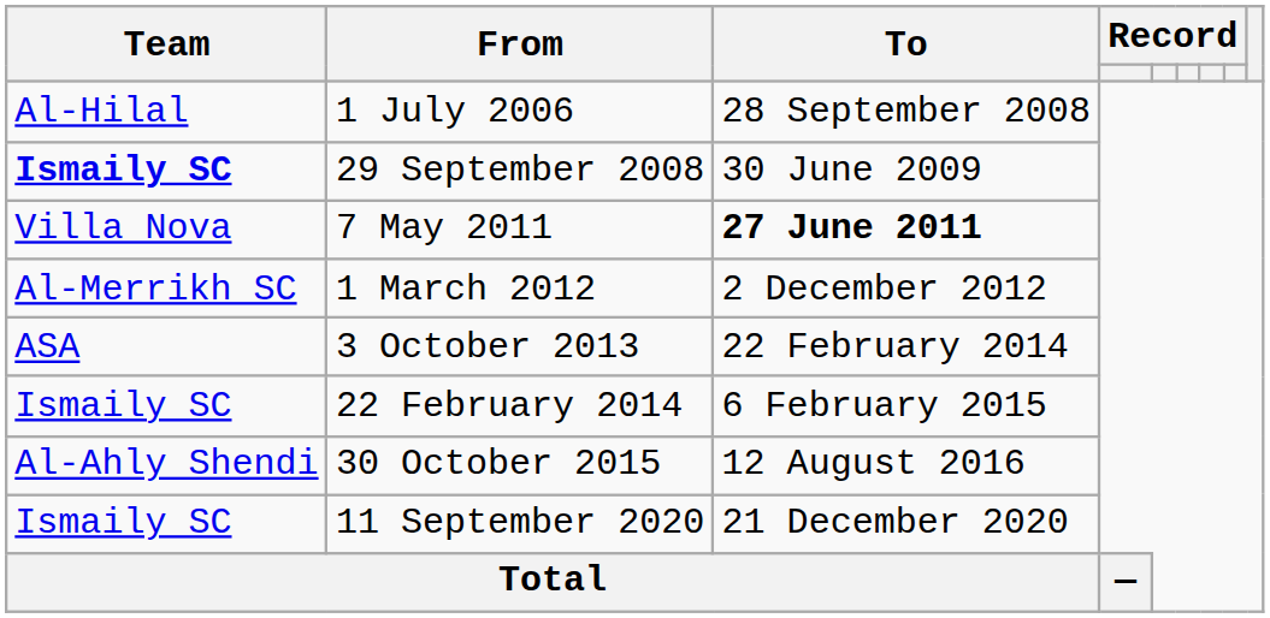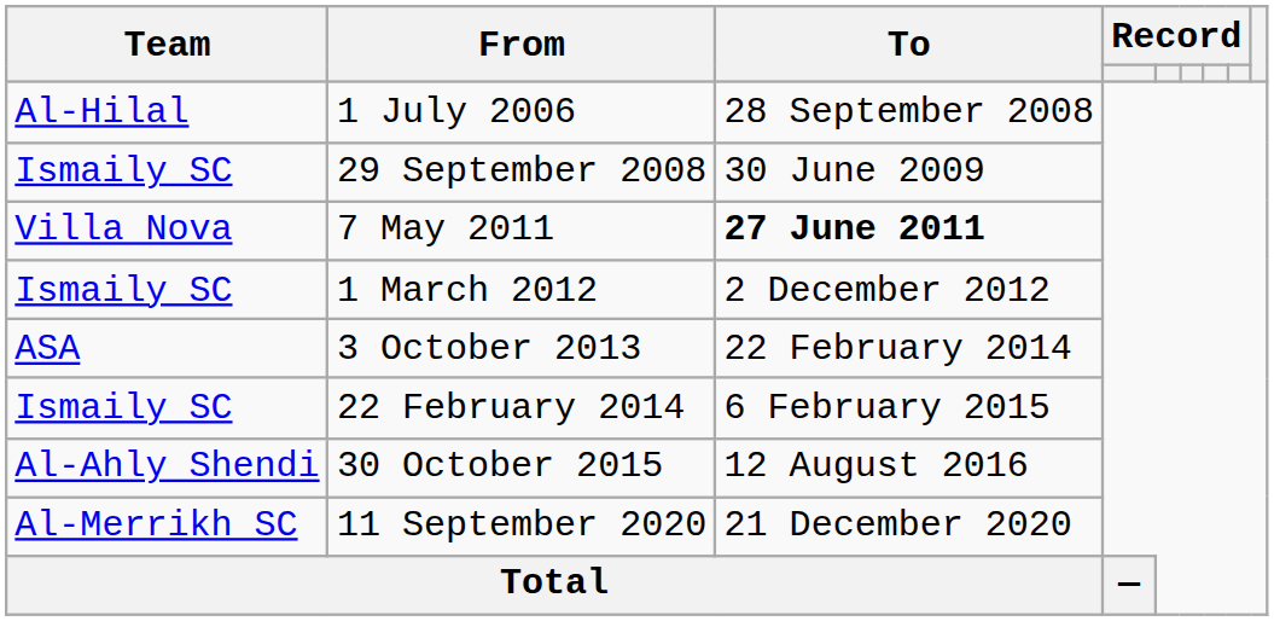 <table class=wikitable style=text-align:center>
 <tr>
 <th rowspan=2>Team</th>
 <th rowspan=2>From</th>
 <th rowspan=2>To</th>
 <th colspan=5>Record</th>
 <th rowspan=2></th>
 </tr>
 <tr>
 <th></th>
 <th></th>
 <th></th>
 <th></th>
 <th></th>
 </tr>
 <tr>
 <td align=left><a href='#'>Al-Hilal</a></td>
 <td align=left>1 July 2006</td>
 <td align=left>28 September 2008<br></td>
 </tr>
 <tr>
-<td align=left><strong><a href='#'>Ismaily SC</a></strong></td>
+<td align=left><a href='#'>Ismaily SC</a></td>
 <td align=left>29 September 2008</td>
 <td align=left>30 June 2009<br></td>
 </tr>
 <tr>
 <td align=left><a href='#'>Villa Nova</a></td>
 <td align=left>7 May 2011</td>
 <td align=left><strong>27 June 2011<br></strong></td>
 </tr>
 <tr>
-<td align=left><a href='#'>Al-Merrikh SC</a></td>
+<td align=left><a href='#'>Ismaily SC</a></td>
 <td align=left>1 March 2012</td>
 <td align=left>2 December 2012<br></td>
 </tr>
 <tr>
 <td align=left><a href='#'>ASA</a></td>
 <td align=left>3 October 2013</td>
 <td align=left>22 February 2014<br></td>
 </tr>
 <tr>
 <td align=left><a href='#'>Ismaily SC</a></td>
 <td align=left>22 February 2014</td>
 <td align=left>6 February 2015<br></td>
 </tr>
 <tr>
 <td align=left><a href='#'>Al-Ahly Shendi</a></td>
 <td align=left>30 October 2015</td>
 <td align=left>12 August 2016<br></td>
 </tr>
 <tr>
-<td align=left><a href='#'>Ismaily SC</a></td>
+<td align=left><a href='#'>Al-Merrikh SC</a></td>
 <td align=left>11 September 2020</td>
 <td align=left>21 December 2020<br></td>
 </tr>
 <tr>
 <th colspan=3>Total<br></th>
 <th>—</th>
 </tr>
 </table>
